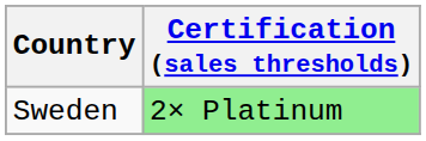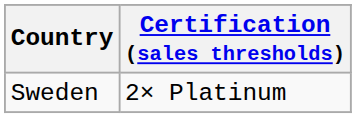 <table class="wikitable">
 <tr>
 <th>Country</th>
 <th><a href='#'>Certification</a><br><small>(<a href='#'>sales thresholds</a>)</small></th>
 </tr>
 <tr>
 <td>Sweden</td>
-<td style="background: lightgreen;">2× Platinum</td>
+<td>2× Platinum</td>
 </tr>
 </table>
